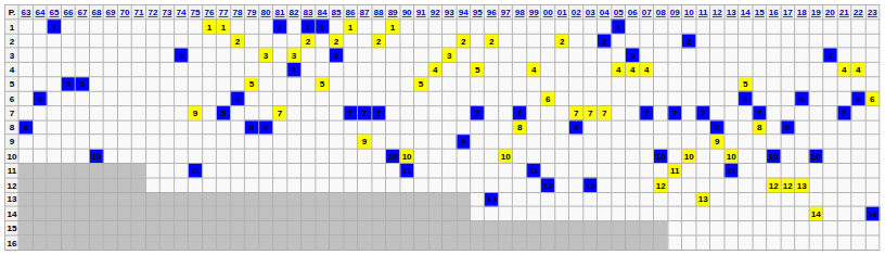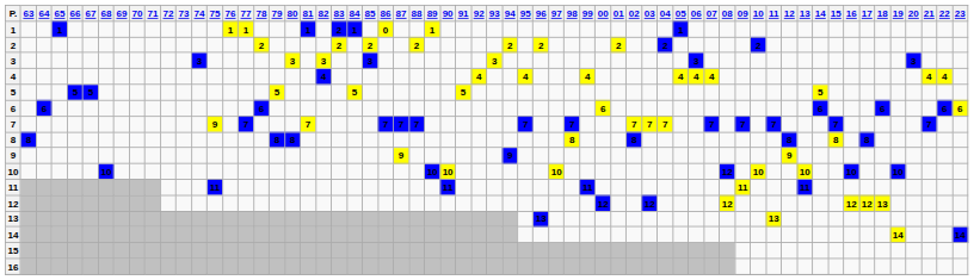 <table class="wikitable" style="text-align: center; font-size:60%">
 <tr>
 <th>P.</th>
 <th><strong><a href='#'>63</a></strong></th>
 <th><strong><a href='#'>64</a></strong></th>
 <th><strong><a href='#'>65</a></strong></th>
 <th><strong><a href='#'>66</a></strong></th>
 <th><strong><a href='#'>67</a></strong></th>
 <th><strong><a href='#'>68</a></strong></th>
 <th><strong><a href='#'>69</a></strong></th>
 <th><strong><a href='#'>70</a></strong></th>
 <th><strong><a href='#'>71</a></strong></th>
 <th><strong><a href='#'>72</a></strong></th>
 <th><strong><a href='#'>73</a></strong></th>
 <th><strong><a href='#'>74</a></strong></th>
 <th><strong><a href='#'>75</a></strong></th>
 <th><strong><a href='#'>76</a></strong></th>
 <th><strong><a href='#'>77</a></strong></th>
 <th><strong><a href='#'>78</a></strong></th>
 <th><strong><a href='#'>79</a></strong></th>
 <th><strong><a href='#'>80</a></strong></th>
 <th><strong><a href='#'>81</a></strong></th>
 <th><strong><a href='#'>82</a></strong></th>
 <th><strong><a href='#'>83</a></strong></th>
 <th><strong><a href='#'>84</a></strong></th>
 <th><strong><a href='#'>85</a></strong></th>
 <th><strong><a href='#'>86</a></strong></th>
 <th><strong><a href='#'>87</a></strong></th>
 <th><strong><a href='#'>88</a></strong></th>
 <th><strong><a href='#'>89</a></strong></th>
 <th><strong><a href='#'>90</a></strong></th>
 <th><strong><a href='#'>91</a></strong></th>
 <th><strong><a href='#'>92</a></strong></th>
 <th><strong><a href='#'>93</a></strong></th>
 <th><strong><a href='#'>94</a></strong></th>
 <th><strong><a href='#'>95</a></strong></th>
 <th><strong><a href='#'>96</a></strong></th>
 <th><strong><a href='#'>97</a></strong></th>
 <th><strong><a href='#'>98</a></strong></th>
 <th><strong><a href='#'>99</a></strong></th>
 <th><strong><a href='#'>00</a></strong></th>
 <th><strong><a href='#'>01</a></strong></th>
 <th><strong><a href='#'>02</a></strong></th>
 <th><strong><a href='#'>03</a></strong></th>
 <th><strong><a href='#'>04</a></strong></th>
 <th><strong><a href='#'>05</a></strong></th>
 <th><strong><a href='#'>06</a></strong></th>
 <th><strong><a href='#'>07</a></strong></th>
 <th><strong><a href='#'>08</a></strong></th>
 <th><strong><a href='#'>09</a></strong></th>
 <th><strong><a href='#'>10</a></strong></th>
 <th><strong><a href='#'>11</a></strong></th>
 <th><strong><a href='#'>12</a></strong></th>
 <th><strong><a href='#'>13</a></strong></th>
 <th><strong><a href='#'>14</a></strong></th>
 <th><strong><a href='#'>15</a></strong></th>
 <th><strong><a href='#'>16</a></strong></th>
 <th><strong><a href='#'>17</a></strong></th>
 <th><strong><a href='#'>18</a></strong></th>
 <th><strong><a href='#'>19</a></strong></th>
 <th><strong><a href='#'>20</a></strong></th>
 <th><strong><a href='#'>21</a></strong></th>
 <th><strong><a href='#'>22</a></strong></th>
 <th><strong><a href='#'>23</a></strong></th>
 </tr>
 <tr>
 <th>1</th>
 <td></td>
 <td></td>
 <td style="background-color:#0000FF"><span><strong>1</strong></span></td>
 <td></td>
 <td></td>
 <td></td>
 <td></td>
 <td></td>
 <td></td>
 <td></td>
 <td></td>
 <td></td>
 <td></td>
 <td style="background-color:yellow"><strong>1</strong></td>
 <td style="background-color:yellow"><strong>1</strong></td>
 <td></td>
 <td></td>
 <td></td>
 <td style="background-color:#0000FF"><span><strong>1</strong></span></td>
 <td></td>
-<td style="background-color:#0000FF"><span><strong>1</strong></span></td>
+<td style="background-color:#0000FF"><span><strong>2</strong></span></td>
 <td style="background-color:#0000FF"><span><strong>1</strong></span></td>
 <td></td>
-<td style="background-color:yellow"><strong>1</strong></td>
+<td style="background-color:yellow"><strong>0</strong></td>
 <td></td>
 <td></td>
 <td style="background-color:yellow"><strong>1</strong></td>
 <td></td>
 <td></td>
 <td></td>
 <td></td>
 <td></td>
 <td></td>
 <td></td>
 <td></td>
 <td></td>
 <td></td>
 <td></td>
 <td></td>
 <td></td>
 <td></td>
 <td></td>
 <td style="background-color:#0000FF"><span><strong>1</strong></span></td>
 <td></td>
 <td></td>
 <td></td>
 <td></td>
 <td></td>
 <td></td>
 <td></td>
 <td></td>
 <td></td>
 <td></td>
 <td></td>
 <td></td>
 <td></td>
 <td></td>
 <td></td>
 <td></td>
 <td></td>
 <td></td>
 </tr>
 <tr>
 <th>2</th>
 <td></td>
 <td></td>
 <td></td>
 <td></td>
 <td></td>
 <td></td>
 <td></td>
 <td></td>
 <td></td>
 <td></td>
 <td></td>
 <td></td>
 <td></td>
 <td></td>
 <td></td>
 <td style="background-color:yellow"><strong>2</strong></td>
 <td></td>
 <td></td>
 <td></td>
 <td></td>
 <td style="background-color:yellow"><strong>2</strong></td>
 <td></td>
 <td style="background-color:yellow"><strong>2</strong></td>
 <td></td>
 <td></td>
 <td style="background-color:yellow"><strong>2</strong></td>
 <td></td>
 <td></td>
 <td></td>
 <td></td>
 <td></td>
 <td style="background-color:yellow"><strong>2</strong></td>
 <td></td>
 <td style="background-color:yellow"><strong>2</strong></td>
 <td></td>
 <td></td>
 <td></td>
 <td></td>
 <td style="background-color:yellow"><strong>2</strong></td>
 <td></td>
 <td></td>
 <td style="background-color:#0000FF"><span><strong>2</strong></span></td>
 <td></td>
 <td></td>
 <td></td>
 <td></td>
 <td></td>
 <td style="background-color:#0000FF"><span><strong>2</strong></span></td>
 <td></td>
 <td></td>
 <td></td>
 <td></td>
 <td></td>
 <td></td>
 <td></td>
 <td></td>
 <td></td>
 <td></td>
 <td></td>
 <td></td>
 <td></td>
 </tr>
 <tr>
 <th>3</th>
 <td></td>
 <td></td>
 <td></td>
 <td></td>
 <td></td>
 <td></td>
 <td></td>
 <td></td>
 <td></td>
 <td></td>
 <td></td>
 <td style="background-color:#0000FF"><span><strong>3</strong></span></td>
 <td></td>
 <td></td>
 <td></td>
 <td></td>
 <td></td>
 <td style="background-color:yellow"><strong>3</strong></td>
 <td></td>
 <td style="background-color:yellow"><strong>3</strong></td>
 <td></td>
 <td></td>
 <td style="background-color:#0000FF"><span><strong>3</strong></span></td>
 <td></td>
 <td></td>
 <td></td>
 <td></td>
 <td></td>
 <td></td>
 <td></td>
 <td style="background-color:yellow"><strong>3</strong></td>
 <td></td>
 <td></td>
 <td></td>
 <td></td>
 <td></td>
 <td></td>
 <td></td>
 <td></td>
 <td></td>
 <td></td>
 <td></td>
 <td></td>
 <td style="background-color:#0000FF"><span><strong>3</strong></span></td>
 <td></td>
 <td></td>
 <td></td>
 <td></td>
 <td></td>
 <td></td>
 <td></td>
 <td></td>
 <td></td>
 <td></td>
 <td></td>
 <td></td>
 <td></td>
 <td style="background-color:#0000FF"><span><strong>3</strong></span></td>
 <td></td>
 <td></td>
 <td></td>
 </tr>
 <tr>
 <th>4</th>
 <td></td>
 <td></td>
 <td></td>
 <td></td>
 <td></td>
 <td></td>
 <td></td>
 <td></td>
 <td></td>
 <td></td>
 <td></td>
 <td></td>
 <td></td>
 <td></td>
 <td></td>
 <td></td>
 <td></td>
 <td></td>
 <td></td>
 <td style="background-color:#0000FF"><span><strong>4</strong></span></td>
 <td></td>
 <td></td>
 <td></td>
 <td></td>
 <td></td>
 <td></td>
 <td></td>
 <td></td>
 <td></td>
 <td style="background-color:yellow"><strong>4</strong></td>
 <td></td>
 <td></td>
-<td style="background-color:yellow"><strong>5</strong></td>
+<td style="background-color:yellow"><strong>4</strong></td>
 <td></td>
 <td></td>
 <td></td>
 <td style="background-color:yellow"><strong>4</strong></td>
 <td></td>
 <td></td>
 <td></td>
 <td></td>
 <td></td>
 <td style="background-color:yellow"><strong>4</strong></td>
 <td style="background-color:yellow"><strong>4</strong></td>
 <td style="background-color:yellow"><strong>4</strong></td>
 <td></td>
 <td></td>
 <td></td>
 <td></td>
 <td></td>
 <td></td>
 <td></td>
 <td></td>
 <td></td>
 <td></td>
 <td></td>
 <td></td>
 <td></td>
 <td style="background-color:yellow"><strong>4</strong></td>
 <td style="background-color:yellow"><strong>4</strong></td>
 <td></td>
 </tr>
 <tr>
 <th>5</th>
 <td></td>
 <td></td>
 <td></td>
 <td style="background-color:#0000FF"><span><strong>5</strong></span></td>
 <td style="background-color:#0000FF"><span><strong>5</strong></span></td>
 <td></td>
 <td></td>
 <td></td>
 <td></td>
 <td></td>
 <td></td>
 <td></td>
 <td></td>
 <td></td>
 <td></td>
 <td></td>
 <td style="background-color:yellow"><strong>5</strong></td>
 <td></td>
 <td></td>
 <td></td>
 <td></td>
 <td style="background-color:yellow"><strong>5</strong></td>
 <td></td>
 <td></td>
 <td></td>
 <td></td>
 <td></td>
 <td></td>
 <td style="background-color:yellow"><strong>5</strong></td>
 <td></td>
 <td></td>
 <td></td>
 <td></td>
 <td></td>
 <td></td>
 <td></td>
 <td></td>
 <td></td>
 <td></td>
 <td></td>
 <td></td>
 <td></td>
 <td></td>
 <td></td>
 <td></td>
 <td></td>
 <td></td>
 <td></td>
 <td></td>
 <td></td>
 <td></td>
 <td style="background-color:yellow"><strong>5</strong></td>
 <td></td>
 <td></td>
 <td></td>
 <td></td>
 <td></td>
 <td></td>
 <td></td>
 <td></td>
 <td></td>
 </tr>
 <tr>
 <th>6</th>
 <td></td>
-<td style="background-color:#0000FF"><span><strong>5</strong></span></td>
+<td style="background-color:#0000FF"><span><strong>6</strong></span></td>
 <td></td>
 <td></td>
 <td></td>
 <td></td>
 <td></td>
 <td></td>
 <td></td>
 <td></td>
 <td></td>
 <td></td>
 <td></td>
 <td></td>
 <td></td>
 <td style="background-color:#0000FF"><span><strong>6</strong></span></td>
 <td></td>
 <td></td>
 <td></td>
 <td></td>
 <td></td>
 <td></td>
 <td></td>
 <td></td>
 <td></td>
 <td></td>
 <td></td>
 <td></td>
 <td></td>
 <td></td>
 <td></td>
 <td></td>
 <td></td>
 <td></td>
 <td></td>
 <td></td>
 <td></td>
 <td style="background-color:yellow"><strong>6</strong></td>
 <td></td>
 <td></td>
 <td></td>
 <td></td>
 <td></td>
 <td></td>
 <td></td>
 <td></td>
 <td></td>
 <td></td>
 <td></td>
 <td></td>
 <td></td>
 <td style="background-color:#0000FF"><span><strong>6</strong></span></td>
 <td></td>
 <td></td>
 <td></td>
 <td style="background-color:#0000FF"><span><strong>6</strong></span></td>
 <td></td>
 <td></td>
 <td></td>
 <td style="background-color:#0000FF"><span><strong>6</strong></span></td>
 <td style="background-color:yellow"><strong>6</strong></td>
 </tr>
 <tr>
 <th>7</th>
 <td></td>
 <td></td>
 <td></td>
 <td></td>
 <td></td>
 <td></td>
 <td></td>
 <td></td>
 <td></td>
 <td></td>
 <td></td>
 <td></td>
 <td style="background-color:yellow"><strong>9</strong></td>
 <td></td>
-<td style="background-color:#0000FF"><span><strong>5</strong></span></td>
+<td style="background-color:#0000FF"><span><strong>7</strong></span></td>
 <td></td>
 <td></td>
 <td></td>
 <td style="background-color:yellow"><strong>7</strong></td>
 <td></td>
 <td></td>
 <td></td>
 <td></td>
 <td style="background-color:#0000FF"><span><strong>7</strong></span></td>
 <td style="background-color:#0000FF"><span><strong>7</strong></span></td>
 <td style="background-color:#0000FF"><span><strong>7</strong></span></td>
 <td></td>
 <td></td>
 <td></td>
 <td></td>
 <td></td>
 <td></td>
 <td style="background-color:#0000FF"><span><strong>7</strong></span></td>
 <td></td>
 <td></td>
 <td style="background-color:#0000FF"><span><strong>7</strong></span></td>
 <td></td>
 <td></td>
 <td></td>
 <td style="background-color:yellow"><strong>7</strong></td>
 <td style="background-color:yellow"><strong>7</strong></td>
 <td style="background-color:yellow"><strong>7</strong></td>
 <td></td>
 <td></td>
 <td style="background-color:#0000FF"><span><strong>7</strong></span></td>
 <td></td>
 <td style="background-color:#0000FF"><span><strong>7</strong></span></td>
 <td></td>
 <td style="background-color:#0000FF"><span><strong>7</strong></span></td>
 <td></td>
 <td></td>
 <td></td>
 <td style="background-color:#0000FF"><span><strong>7</strong></span></td>
 <td></td>
 <td></td>
 <td></td>
 <td></td>
 <td></td>
 <td style="background-color:#0000FF"><span><strong>7</strong></span></td>
 <td></td>
 <td></td>
 </tr>
 <tr>
 <th>8</th>
 <td style="background-color:#0000FF"><span><strong>8</strong></span></td>
 <td></td>
 <td></td>
 <td></td>
 <td></td>
 <td></td>
 <td></td>
 <td></td>
 <td></td>
 <td></td>
 <td></td>
 <td></td>
 <td></td>
 <td></td>
 <td></td>
 <td></td>
 <td style="background-color:#0000FF"><span><strong>8</strong></span></td>
 <td style="background-color:#0000FF"><span><strong>8</strong></span></td>
 <td></td>
 <td></td>
 <td></td>
 <td></td>
 <td></td>
 <td></td>
 <td></td>
 <td></td>
 <td></td>
 <td></td>
 <td></td>
 <td></td>
 <td></td>
 <td></td>
 <td></td>
 <td></td>
 <td></td>
 <td style="background-color:yellow"><strong>8</strong></td>
 <td></td>
 <td></td>
 <td></td>
 <td style="background-color:#0000FF"><span><strong>8</strong></span></td>
 <td></td>
 <td></td>
 <td></td>
 <td></td>
 <td></td>
 <td></td>
 <td></td>
 <td></td>
 <td></td>
 <td style="background-color:#0000FF"><span><strong>8</strong></span></td>
 <td></td>
 <td></td>
 <td style="background-color:yellow"><strong>8</strong></td>
 <td></td>
 <td style="background-color:#0000FF"><span><strong>8</strong></span></td>
 <td></td>
 <td></td>
 <td></td>
 <td></td>
 <td></td>
 <td></td>
 </tr>
 <tr>
 <th>9</th>
 <td></td>
 <td></td>
 <td></td>
 <td></td>
 <td></td>
 <td></td>
 <td></td>
 <td></td>
 <td></td>
 <td></td>
 <td></td>
 <td></td>
 <td></td>
 <td></td>
 <td></td>
 <td></td>
 <td></td>
 <td></td>
 <td></td>
 <td></td>
 <td></td>
 <td></td>
 <td></td>
 <td></td>
 <td style="background-color:yellow"><strong>9</strong></td>
 <td></td>
 <td></td>
 <td></td>
 <td></td>
 <td></td>
 <td></td>
 <td style="background-color:#0000FF"><span><strong>9</strong></span></td>
 <td></td>
 <td></td>
 <td></td>
 <td></td>
 <td></td>
 <td></td>
 <td></td>
 <td></td>
 <td></td>
 <td></td>
 <td></td>
 <td></td>
 <td></td>
 <td></td>
 <td></td>
 <td></td>
 <td></td>
 <td style="background-color:yellow"><strong>9</strong></td>
 <td></td>
 <td></td>
 <td></td>
 <td></td>
 <td></td>
 <td></td>
 <td></td>
 <td></td>
 <td></td>
 <td></td>
 <td></td>
 </tr>
 <tr>
 <th>10</th>
 <td></td>
 <td></td>
 <td></td>
 <td></td>
 <td></td>
 <td style="background-color:#0000FF"><span><strong>10</strong></span></td>
 <td></td>
 <td></td>
 <td></td>
 <td></td>
 <td></td>
 <td></td>
 <td></td>
 <td></td>
 <td></td>
 <td></td>
 <td></td>
 <td></td>
 <td></td>
 <td></td>
 <td></td>
 <td></td>
 <td></td>
 <td></td>
 <td></td>
 <td></td>
 <td style="background-color:#0000FF"><span><strong>10</strong></span></td>
 <td style="background-color:yellow"><strong>10</strong></td>
 <td></td>
 <td></td>
 <td></td>
 <td></td>
 <td></td>
 <td></td>
 <td style="background-color:yellow"><strong>10</strong></td>
 <td></td>
 <td></td>
 <td></td>
 <td></td>
 <td></td>
 <td></td>
 <td></td>
 <td></td>
 <td></td>
 <td></td>
-<td style="background-color:#0000FF"><span><strong>10</strong></span></td>
+<td style="background-color:#0000FF"><span><strong>12</strong></span></td>
 <td></td>
 <td style="background-color:yellow"><strong>10</strong></td>
 <td></td>
 <td></td>
 <td style="background-color:yellow"><strong>10</strong></td>
 <td></td>
 <td></td>
 <td style="background-color:#0000FF"><span><strong>10</strong></span></td>
 <td></td>
 <td></td>
 <td style="background-color:#0000FF"><span><strong>10</strong></span></td>
 <td></td>
 <td></td>
 <td></td>
 <td></td>
 </tr>
 <tr>
 <th>11</th>
 <td style="background:#c0c0c0"></td>
 <td style="background:#c0c0c0"></td>
 <td style="background:#c0c0c0"></td>
 <td style="background:#c0c0c0"></td>
 <td style="background:#c0c0c0"></td>
 <td style="background:#c0c0c0"></td>
 <td style="background:#c0c0c0"></td>
 <td style="background:#c0c0c0"></td>
 <td style="background:#c0c0c0"></td>
 <td></td>
 <td></td>
 <td></td>
 <td style="background-color:#0000FF"><span><strong>11</strong></span></td>
 <td></td>
 <td></td>
 <td></td>
 <td></td>
 <td></td>
 <td></td>
 <td></td>
 <td></td>
 <td></td>
 <td></td>
 <td></td>
 <td></td>
 <td></td>
 <td></td>
 <td style="background-color:#0000FF"><span><strong>11</strong></span></td>
 <td></td>
 <td></td>
 <td></td>
 <td></td>
 <td></td>
 <td></td>
 <td></td>
 <td></td>
 <td style="background-color:#0000FF"><span><strong>11</strong></span></td>
 <td></td>
 <td></td>
 <td></td>
 <td></td>
 <td></td>
 <td></td>
 <td></td>
 <td></td>
 <td></td>
 <td style="background-color:yellow"><strong>11</strong></td>
 <td></td>
 <td></td>
 <td></td>
 <td style="background-color:#0000FF"><span><strong>11</strong></span></td>
 <td></td>
 <td></td>
 <td></td>
 <td></td>
 <td></td>
 <td></td>
 <td></td>
 <td></td>
 <td></td>
 <td></td>
 </tr>
 <tr>
 <th>12</th>
 <td style="background:#c0c0c0"></td>
 <td style="background:#c0c0c0"></td>
 <td style="background:#c0c0c0"></td>
 <td style="background:#c0c0c0"></td>
 <td style="background:#c0c0c0"></td>
 <td style="background:#c0c0c0"></td>
 <td style="background:#c0c0c0"></td>
 <td style="background:#c0c0c0"></td>
 <td style="background:#c0c0c0"></td>
 <td></td>
 <td></td>
 <td></td>
 <td></td>
 <td></td>
 <td></td>
 <td></td>
 <td></td>
 <td></td>
 <td></td>
 <td></td>
 <td></td>
 <td></td>
 <td></td>
 <td></td>
 <td></td>
 <td></td>
 <td></td>
 <td></td>
 <td></td>
 <td></td>
 <td></td>
 <td></td>
 <td></td>
 <td></td>
 <td></td>
 <td></td>
 <td></td>
 <td style="background-color:#0000FF"><span><strong>12</strong></span></td>
 <td></td>
 <td></td>
 <td style="background-color:#0000FF"><span><strong>12</strong></span></td>
 <td></td>
 <td></td>
 <td></td>
 <td></td>
 <td style="background-color:yellow"><strong>12</strong></td>
 <td></td>
 <td></td>
 <td></td>
 <td></td>
 <td></td>
 <td></td>
 <td></td>
 <td style="background-color:yellow"><strong>12</strong></td>
 <td style="background-color:yellow"><strong>12</strong></td>
 <td style="background-color:yellow"><strong>13</strong></td>
 <td></td>
 <td></td>
 <td></td>
 <td></td>
 <td></td>
 </tr>
 <tr>
 <th>13</th>
 <td style="background:#c0c0c0"></td>
 <td style="background:#c0c0c0"></td>
 <td style="background:#c0c0c0"></td>
 <td style="background:#c0c0c0"></td>
 <td style="background:#c0c0c0"></td>
 <td style="background:#c0c0c0"></td>
 <td style="background:#c0c0c0"></td>
 <td style="background:#c0c0c0"></td>
 <td style="background:#c0c0c0"></td>
 <td style="background:#c0c0c0"></td>
 <td style="background:#c0c0c0"></td>
 <td style="background:#c0c0c0"></td>
 <td style="background:#c0c0c0"></td>
 <td style="background:#c0c0c0"></td>
 <td style="background:#c0c0c0"></td>
 <td style="background:#c0c0c0"></td>
 <td style="background:#c0c0c0"></td>
 <td style="background:#c0c0c0"></td>
 <td style="background:#c0c0c0"></td>
 <td style="background:#c0c0c0"></td>
 <td style="background:#c0c0c0"></td>
 <td style="background:#c0c0c0"></td>
 <td style="background:#c0c0c0"></td>
 <td style="background:#c0c0c0"></td>
 <td style="background:#c0c0c0"></td>
 <td style="background:#c0c0c0"></td>
 <td style="background:#c0c0c0"></td>
 <td style="background:#c0c0c0"></td>
 <td style="background:#c0c0c0"></td>
 <td style="background:#c0c0c0"></td>
 <td style="background:#c0c0c0"></td>
 <td style="background:#c0c0c0"></td>
 <td></td>
 <td style="background-color:#0000FF"><span><strong>13</strong></span></td>
 <td></td>
 <td></td>
 <td></td>
 <td></td>
 <td></td>
 <td></td>
 <td></td>
 <td></td>
 <td></td>
 <td></td>
 <td></td>
 <td></td>
 <td></td>
 <td></td>
 <td style="background-color:yellow"><strong>13</strong></td>
 <td></td>
 <td></td>
 <td></td>
 <td></td>
 <td></td>
 <td></td>
 <td></td>
 <td></td>
 <td></td>
 <td></td>
 <td></td>
 <td></td>
 </tr>
 <tr>
 <th>14</th>
 <td style="background:#c0c0c0"></td>
 <td style="background:#c0c0c0"></td>
 <td style="background:#c0c0c0"></td>
 <td style="background:#c0c0c0"></td>
 <td style="background:#c0c0c0"></td>
 <td style="background:#c0c0c0"></td>
 <td style="background:#c0c0c0"></td>
 <td style="background:#c0c0c0"></td>
 <td style="background:#c0c0c0"></td>
 <td style="background:#c0c0c0"></td>
 <td style="background:#c0c0c0"></td>
 <td style="background:#c0c0c0"></td>
 <td style="background:#c0c0c0"></td>
 <td style="background:#c0c0c0"></td>
 <td style="background:#c0c0c0"></td>
 <td style="background:#c0c0c0"></td>
 <td style="background:#c0c0c0"></td>
 <td style="background:#c0c0c0"></td>
 <td style="background:#c0c0c0"></td>
 <td style="background:#c0c0c0"></td>
 <td style="background:#c0c0c0"></td>
 <td style="background:#c0c0c0"></td>
 <td style="background:#c0c0c0"></td>
 <td style="background:#c0c0c0"></td>
 <td style="background:#c0c0c0"></td>
 <td style="background:#c0c0c0"></td>
 <td style="background:#c0c0c0"></td>
 <td style="background:#c0c0c0"></td>
 <td style="background:#c0c0c0"></td>
 <td style="background:#c0c0c0"></td>
 <td style="background:#c0c0c0"></td>
 <td style="background:#c0c0c0"></td>
 <td></td>
 <td></td>
 <td></td>
 <td></td>
 <td></td>
 <td></td>
 <td></td>
 <td></td>
 <td></td>
 <td></td>
 <td></td>
 <td></td>
 <td></td>
 <td></td>
 <td></td>
 <td></td>
 <td></td>
 <td></td>
 <td></td>
 <td></td>
 <td></td>
 <td></td>
 <td></td>
 <td></td>
 <td style="background-color:yellow"><strong>14</strong></td>
 <td></td>
 <td></td>
 <td></td>
 <td style="background-color:#0000FF"><span><strong>14</strong></span></td>
 </tr>
 <tr>
 <th>15</th>
 <td style="background:#c0c0c0"></td>
 <td style="background:#c0c0c0"></td>
 <td style="background:#c0c0c0"></td>
 <td style="background:#c0c0c0"></td>
 <td style="background:#c0c0c0"></td>
 <td style="background:#c0c0c0"></td>
 <td style="background:#c0c0c0"></td>
 <td style="background:#c0c0c0"></td>
 <td style="background:#c0c0c0"></td>
 <td style="background:#c0c0c0"></td>
 <td style="background:#c0c0c0"></td>
 <td style="background:#c0c0c0"></td>
 <td style="background:#c0c0c0"></td>
 <td style="background:#c0c0c0"></td>
 <td style="background:#c0c0c0"></td>
 <td style="background:#c0c0c0"></td>
 <td style="background:#c0c0c0"></td>
 <td style="background:#c0c0c0"></td>
 <td style="background:#c0c0c0"></td>
 <td style="background:#c0c0c0"></td>
 <td style="background:#c0c0c0"></td>
 <td style="background:#c0c0c0"></td>
 <td style="background:#c0c0c0"></td>
 <td style="background:#c0c0c0"></td>
 <td style="background:#c0c0c0"></td>
 <td style="background:#c0c0c0"></td>
 <td style="background:#c0c0c0"></td>
 <td style="background:#c0c0c0"></td>
 <td style="background:#c0c0c0"></td>
 <td style="background:#c0c0c0"></td>
 <td style="background:#c0c0c0"></td>
 <td style="background:#c0c0c0"></td>
 <td style="background:#c0c0c0"></td>
 <td style="background:#c0c0c0"></td>
 <td style="background:#c0c0c0"></td>
 <td style="background:#c0c0c0"></td>
 <td style="background:#c0c0c0"></td>
 <td style="background:#c0c0c0"></td>
 <td style="background:#c0c0c0"></td>
 <td style="background:#c0c0c0"></td>
 <td style="background:#c0c0c0"></td>
 <td style="background:#c0c0c0"></td>
 <td style="background:#c0c0c0"></td>
 <td style="background:#c0c0c0"></td>
 <td style="background:#c0c0c0"></td>
 <td style="background:#c0c0c0"></td>
 <td></td>
 <td></td>
 <td></td>
 <td></td>
 <td></td>
 <td></td>
 <td></td>
 <td></td>
 <td></td>
 <td></td>
 <td></td>
 <td></td>
 <td></td>
 <td></td>
 <td></td>
 </tr>
 <tr>
 <th>16</th>
 <td style="background:#c0c0c0"></td>
 <td style="background:#c0c0c0"></td>
 <td style="background:#c0c0c0"></td>
 <td style="background:#c0c0c0"></td>
 <td style="background:#c0c0c0"></td>
 <td style="background:#c0c0c0"></td>
 <td style="background:#c0c0c0"></td>
 <td style="background:#c0c0c0"></td>
 <td style="background:#c0c0c0"></td>
 <td style="background:#c0c0c0"></td>
 <td style="background:#c0c0c0"></td>
 <td style="background:#c0c0c0"></td>
 <td style="background:#c0c0c0"></td>
 <td style="background:#c0c0c0"></td>
 <td style="background:#c0c0c0"></td>
 <td style="background:#c0c0c0"></td>
 <td style="background:#c0c0c0"></td>
 <td style="background:#c0c0c0"></td>
 <td style="background:#c0c0c0"></td>
 <td style="background:#c0c0c0"></td>
 <td style="background:#c0c0c0"></td>
 <td style="background:#c0c0c0"></td>
 <td style="background:#c0c0c0"></td>
 <td style="background:#c0c0c0"></td>
 <td style="background:#c0c0c0"></td>
 <td style="background:#c0c0c0"></td>
 <td style="background:#c0c0c0"></td>
 <td style="background:#c0c0c0"></td>
 <td style="background:#c0c0c0"></td>
 <td style="background:#c0c0c0"></td>
 <td style="background:#c0c0c0"></td>
 <td style="background:#c0c0c0"></td>
 <td style="background:#c0c0c0"></td>
 <td style="background:#c0c0c0"></td>
 <td style="background:#c0c0c0"></td>
 <td style="background:#c0c0c0"></td>
 <td style="background:#c0c0c0"></td>
 <td style="background:#c0c0c0"></td>
 <td style="background:#c0c0c0"></td>
 <td style="background:#c0c0c0"></td>
 <td style="background:#c0c0c0"></td>
 <td style="background:#c0c0c0"></td>
 <td style="background:#c0c0c0"></td>
 <td style="background:#c0c0c0"></td>
 <td style="background:#c0c0c0"></td>
 <td style="background:#c0c0c0"></td>
 <td></td>
 <td></td>
 <td></td>
 <td></td>
 <td></td>
 <td></td>
 <td></td>
 <td></td>
 <td></td>
 <td></td>
 <td></td>
 <td></td>
 <td></td>
 <td></td>
 <td></td>
 </tr>
 <tr>
 </tr>
 </table>
